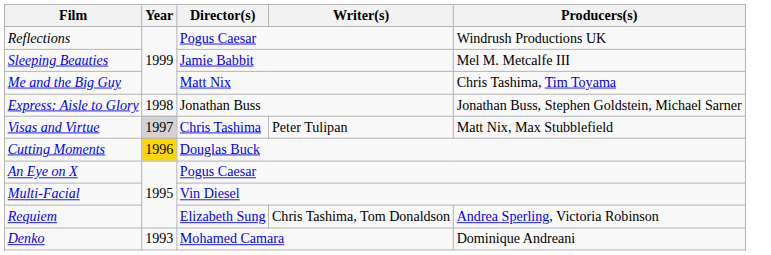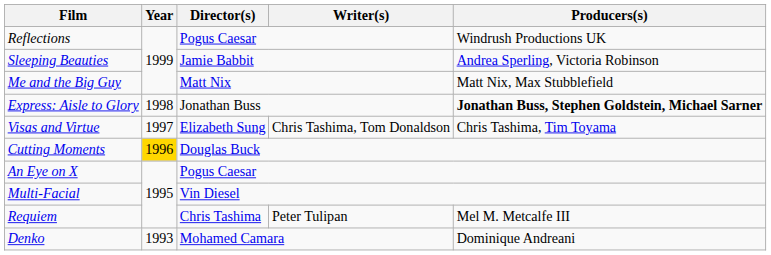 <table class="wikitable sortable">
 <tr>
 <th>Film</th>
 <th>Year</th>
 <th>Director(s)</th>
 <th>Writer(s)</th>
 <th>Producers(s)</th>
 </tr>
 <tr>
 <td><em>Reflections</em></td>
 <td rowspan="3">1999</td>
 <td colspan="2"><a href='#'>Pogus Caesar</a></td>
 <td>Windrush Productions UK</td>
 </tr>
 <tr>
 <td><em><a href='#'>Sleeping Beauties</a></em></td>
 <td colspan="2"><a href='#'>Jamie Babbit</a></td>
-<td>Mel M. Metcalfe III</td>
+<td><a href='#'>Andrea Sperling</a>, Victoria Robinson</td>
 </tr>
 <tr>
 <td><em><a href='#'>Me and the Big Guy</a></em></td>
 <td colspan="2"><a href='#'>Matt Nix</a></td>
-<td>Chris Tashima, <a href='#'>Tim Toyama</a></td>
+<td>Matt Nix, Max Stubblefield</td>
 </tr>
 <tr>
 <td><em><a href='#'>Express: Aisle to Glory</a></em></td>
 <td>1998</td>
 <td colspan="2">Jonathan Buss</td>
-<td>Jonathan Buss, Stephen Goldstein, Michael Sarner</td>
+<td><strong>Jonathan Buss, Stephen Goldstein, Michael Sarner</strong></td>
 </tr>
 <tr>
 <td><em><a href='#'>Visas and Virtue</a></em></td>
-<td style="background: lightgrey;">1997</td>
-<td><a href='#'>Chris Tashima</a></td>
-<td>Peter Tulipan</td>
-<td>Matt Nix, Max Stubblefield</td>
+<td>1997</td>
+<td><a href='#'>Elizabeth Sung</a></td>
+<td>Chris Tashima, Tom Donaldson</td>
+<td>Chris Tashima, <a href='#'>Tim Toyama</a></td>
 </tr>
 <tr>
 <td><em><a href='#'>Cutting Moments</a></em></td>
 <td style="background: gold;">1996</td>
 <td colspan="3"><a href='#'>Douglas Buck</a></td>
 </tr>
 <tr>
 <td><em><a href='#'>An Eye on X</a></em></td>
 <td rowspan="3">1995</td>
 <td colspan="3"><a href='#'>Pogus Caesar</a></td>
 </tr>
 <tr>
 <td><em><a href='#'>Multi-Facial</a></em></td>
 <td colspan="3"><a href='#'>Vin Diesel</a></td>
 </tr>
 <tr>
 <td><em><a href='#'>Requiem</a></em></td>
-<td><a href='#'>Elizabeth Sung</a></td>
-<td>Chris Tashima, Tom Donaldson</td>
-<td><a href='#'>Andrea Sperling</a>, Victoria Robinson</td>
+<td><a href='#'>Chris Tashima</a></td>
+<td>Peter Tulipan</td>
+<td>Mel M. Metcalfe III</td>
 </tr>
 <tr>
 <td><em><a href='#'>Denko</a></em></td>
 <td>1993</td>
 <td colspan="2"><a href='#'>Mohamed Camara</a></td>
 <td>Dominique Andreani</td>
 </tr>
 </table>
